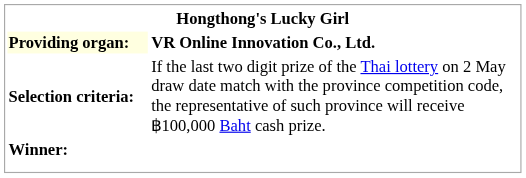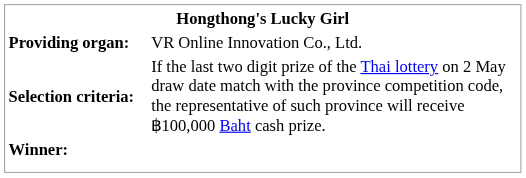 <table style="border-spacing: 2px; border: 1px solid darkgray; font-size: 90%; width: 450px;">
 <tr>
 <td colspan="3" align="center"><strong>Hongthong's Lucky Girl</strong></td>
 </tr>
 <tr>
-<td width=120px style="background: lightyellow;"><strong>Providing organ:</strong></td>
-<td><strong>VR Online Innovation Co., Ltd.</strong></td>
+<td width=120px><strong>Providing organ:</strong></td>
+<td>VR Online Innovation Co., Ltd.</td>
 </tr>
 <tr>
 <td><strong>Selection criteria:</strong></td>
 <td>If the last two digit prize of the <a href='#'>Thai lottery</a> on 2 May draw date match with the province competition code, the representative of such province will receive ฿100,000 <a href='#'>Baht</a> cash prize.</td>
 </tr>
 <tr>
 <td><strong>Winner:</strong></td>
 <td><strong></strong></td>
 </tr>
 <tr>
 <td></td>
 </tr>
 <tr>
 <td></td>
 </tr>
 </table>
